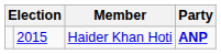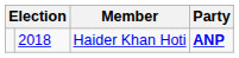 <table class="wikitable">
 <tr>
 <th colspan="2">Election</th>
 <th>Member</th>
 <th>Party</th>
 </tr>
 <tr>
 <td style="background-color: "></td>
-<td><a href='#'>2015</a></td>
+<td><a href='#'>2018</a></td>
 <td><a href='#'>Haider Khan Hoti</a></td>
 <td><strong><a href='#'>ANP</a></strong></td>
 </tr>
 </table>
